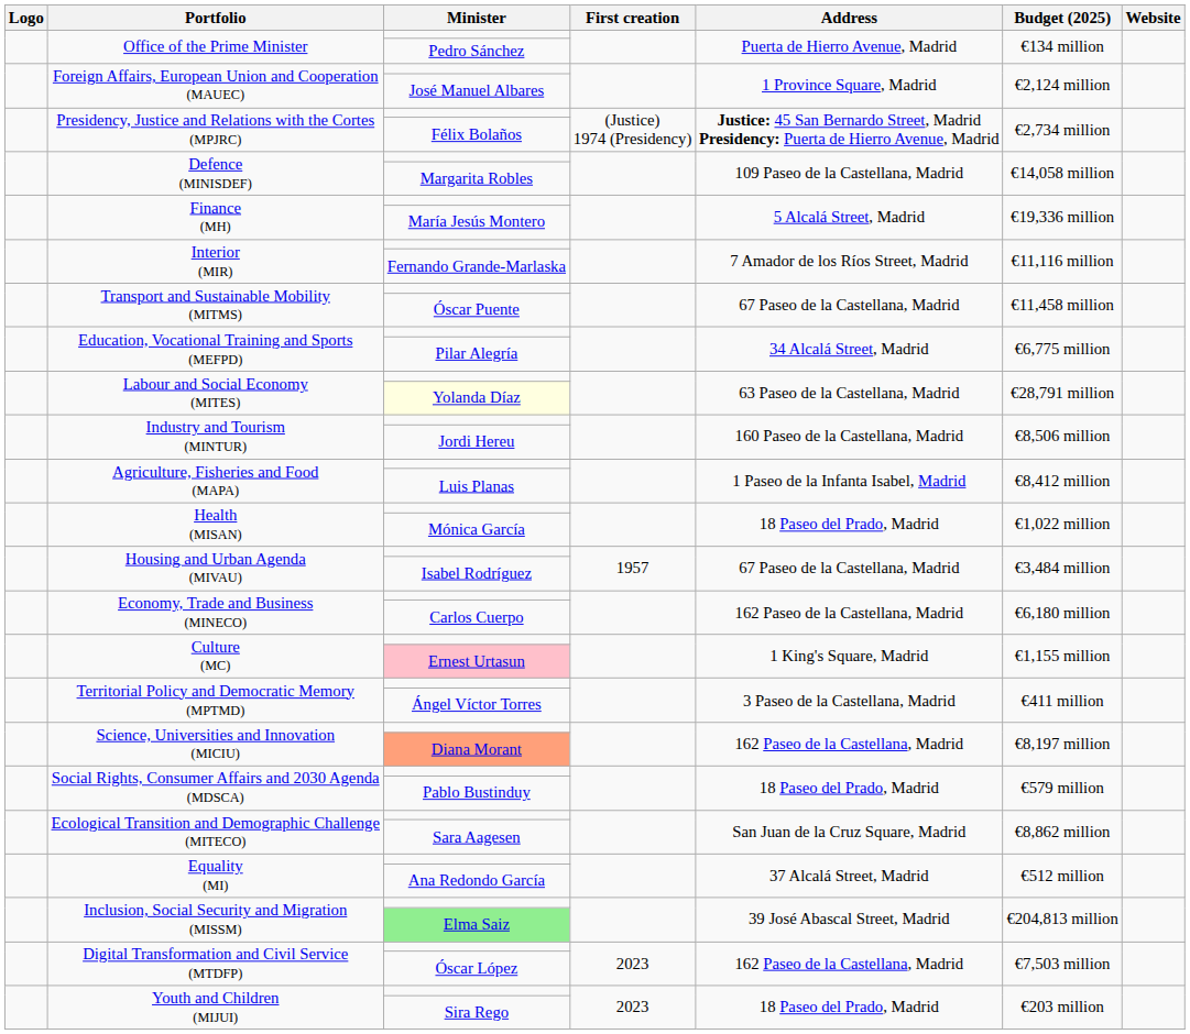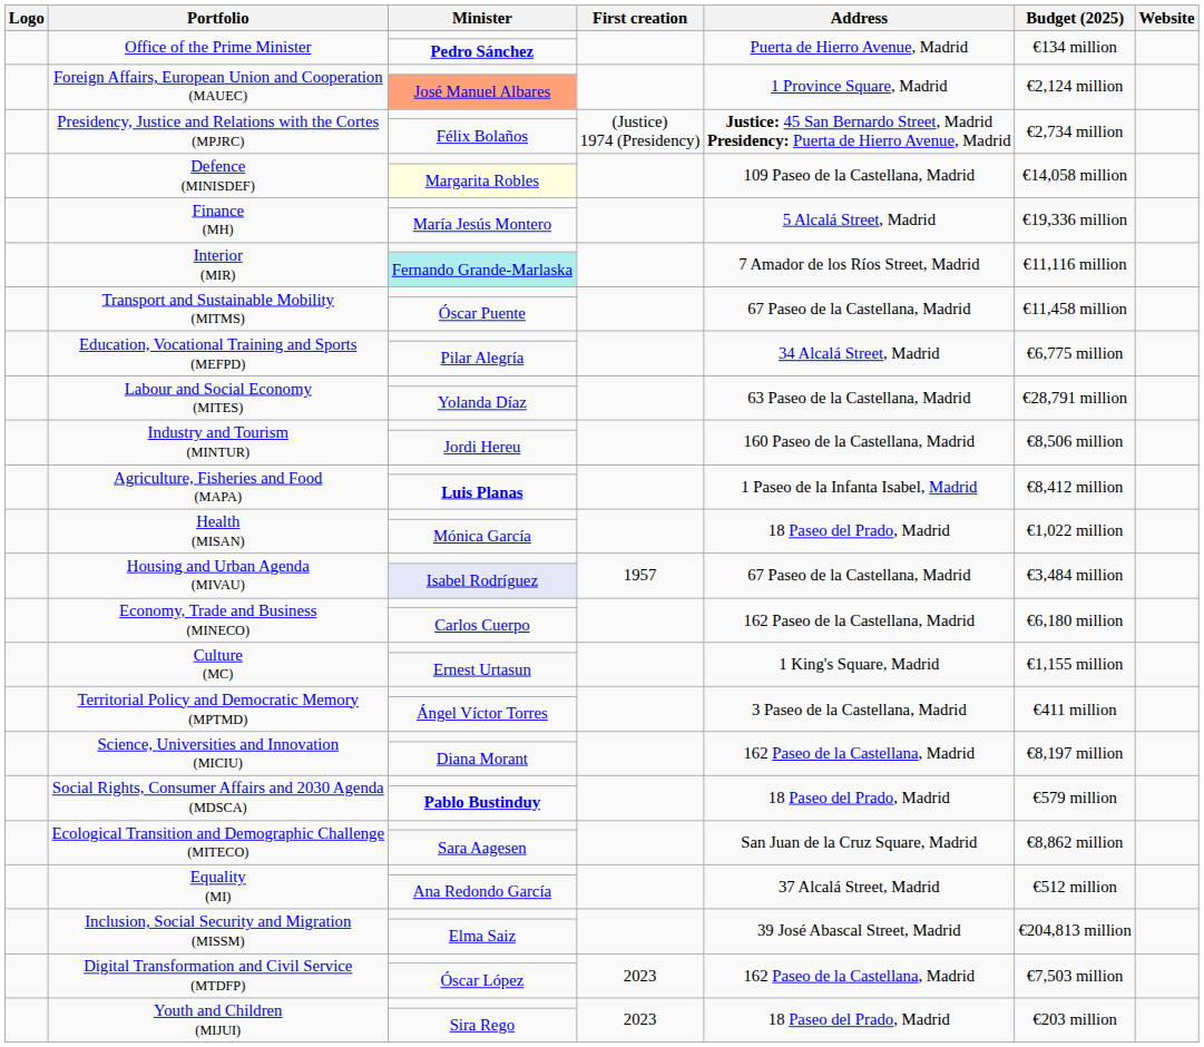 <table class="wikitable" style="text-align:Center">
 <tr>
 <th>Logo</th>
 <th>Portfolio</th>
 <th>Minister</th>
 <th>First creation</th>
 <th>Address</th>
 <th>Budget (2025)</th>
 <th>Website</th>
 </tr>
 <tr>
 <td rowspan=2></td>
 <td rowspan=2><a href='#'>Office of the Prime Minister</a></td>
 <td></td>
 <td rowspan=2></td>
 <td rowspan=2><a href='#'>Puerta de Hierro Avenue</a>, Madrid</td>
 <td rowspan=2>€134 million</td>
 <td rowspan=2></td>
 </tr>
 <tr>
-<td><a href='#'>Pedro Sánchez</a></td>
+<td><strong><a href='#'>Pedro Sánchez</a></strong></td>
 </tr>
 <tr>
 <td rowspan=2></td>
 <td rowspan=2><a href='#'>Foreign Affairs, European Union and Cooperation</a><br><small>(MAUEC)</small></td>
 <td></td>
 <td rowspan=2></td>
 <td rowspan=2><a href='#'>1 Province Square</a>, Madrid</td>
 <td rowspan=2>€2,124 million</td>
 <td rowspan=2></td>
 </tr>
 <tr>
-<td><a href='#'>José Manuel Albares</a></td>
+<td style="background: lightsalmon;"><a href='#'>José Manuel Albares</a></td>
 </tr>
 <tr>
 <td rowspan=2></td>
 <td rowspan=2><a href='#'>Presidency, Justice and Relations with the Cortes</a><br><small>(MPJRC)</small></td>
 <td></td>
 <td rowspan=2> (Justice)<br>1974 (Presidency)</td>
 <td rowspan=2><strong>Justice:</strong> <a href='#'>45 San Bernardo Street</a>, Madrid<br><strong>Presidency:</strong> <a href='#'>Puerta de Hierro Avenue</a>, Madrid</td>
 <td rowspan=2>€2,734 million</td>
 <td rowspan=2><br></td>
 </tr>
 <tr>
 <td><a href='#'>Félix Bolaños</a></td>
 </tr>
 <tr>
 <td rowspan=2></td>
 <td rowspan=2><a href='#'>Defence</a><br><small>(MINISDEF)</small></td>
 <td></td>
 <td rowspan=2></td>
 <td rowspan=2>109 Paseo de la Castellana, Madrid</td>
 <td rowspan=2>€14,058 million</td>
 <td rowspan=2></td>
 </tr>
 <tr>
-<td><a href='#'>Margarita Robles</a></td>
+<td style="background: lightyellow;"><a href='#'>Margarita Robles</a></td>
 </tr>
 <tr>
 <td rowspan=2></td>
 <td rowspan=2><a href='#'>Finance</a><br><small>(MH)</small></td>
 <td></td>
 <td rowspan=2></td>
 <td rowspan=2><a href='#'>5 Alcalá Street</a>, Madrid</td>
 <td rowspan=2>€19,336 million</td>
 <td rowspan=2></td>
 </tr>
 <tr>
 <td><a href='#'>María Jesús Montero</a></td>
 </tr>
 <tr>
 <td rowspan=2></td>
 <td rowspan=2><a href='#'>Interior</a><br><small>(MIR)</small></td>
 <td></td>
 <td rowspan=2></td>
 <td rowspan=2>7 Amador de los Ríos Street, Madrid</td>
 <td rowspan=2>€11,116 million</td>
 <td rowspan=2></td>
 </tr>
 <tr>
-<td><a href='#'>Fernando Grande-Marlaska</a></td>
+<td style="background: paleturquoise;"><a href='#'>Fernando Grande-Marlaska</a></td>
 </tr>
 <tr>
 <td rowspan=2></td>
 <td rowspan=2><a href='#'>Transport and Sustainable Mobility</a><br><small>(MITMS)</small></td>
 <td></td>
 <td rowspan=2></td>
 <td rowspan=2>67 Paseo de la Castellana, Madrid</td>
 <td rowspan=2>€11,458 million</td>
 <td rowspan=2></td>
 </tr>
 <tr>
 <td><a href='#'>Óscar Puente</a></td>
 </tr>
 <tr>
 <td rowspan=2></td>
 <td rowspan=2><a href='#'>Education, Vocational Training and Sports</a><br><small>(MEFPD)</small></td>
 <td></td>
 <td rowspan=2></td>
 <td rowspan=2><a href='#'>34 Alcalá Street</a>, Madrid</td>
 <td rowspan=2>€6,775 million</td>
 <td rowspan=2></td>
 </tr>
 <tr>
 <td><a href='#'>Pilar Alegría</a></td>
 </tr>
 <tr>
 <td rowspan=2></td>
 <td rowspan=2><a href='#'>Labour and Social Economy</a><br><small>(MITES)</small></td>
 <td></td>
 <td rowspan=2></td>
 <td rowspan=2>63 Paseo de la Castellana, Madrid</td>
 <td rowspan=2>€28,791 million</td>
 <td rowspan=2></td>
 </tr>
 <tr>
-<td style="background: lightyellow;"><a href='#'>Yolanda Díaz</a></td>
+<td><a href='#'>Yolanda Díaz</a></td>
 </tr>
 <tr>
 <td rowspan=2></td>
 <td rowspan=2><a href='#'>Industry and Tourism</a><br><small>(MINTUR)</small></td>
 <td></td>
 <td rowspan=2></td>
 <td rowspan=2>160 Paseo de la Castellana, Madrid</td>
 <td rowspan=2>€8,506 million</td>
 <td rowspan=2></td>
 </tr>
 <tr>
 <td><a href='#'>Jordi Hereu</a></td>
 </tr>
 <tr>
 <td rowspan=2></td>
 <td rowspan=2><a href='#'>Agriculture, Fisheries and Food</a><br><small>(MAPA)</small></td>
 <td></td>
 <td rowspan=2></td>
 <td rowspan=2>1 Paseo de la Infanta Isabel, <a href='#'>Madrid</a></td>
 <td rowspan=2>€8,412 million</td>
 <td rowspan=2></td>
 </tr>
 <tr>
-<td><a href='#'>Luis Planas</a></td>
+<td><strong><a href='#'>Luis Planas</a></strong></td>
 </tr>
 <tr>
 <td rowspan=2></td>
 <td rowspan=2><a href='#'>Health</a><br><small>(MISAN)</small></td>
 <td></td>
 <td rowspan=2></td>
 <td rowspan=2>18 <a href='#'>Paseo del Prado</a>, Madrid</td>
 <td rowspan=2>€1,022 million</td>
 <td rowspan=2></td>
 </tr>
 <tr>
 <td><a href='#'>Mónica García</a></td>
 </tr>
 <tr>
 <td rowspan=2></td>
 <td rowspan=2><a href='#'>Housing and Urban Agenda</a><br><small>(MIVAU)</small></td>
 <td></td>
 <td rowspan=2>1957</td>
 <td rowspan=2>67 Paseo de la Castellana, Madrid</td>
 <td rowspan=2>€3,484 million</td>
 <td rowspan=2></td>
 </tr>
 <tr>
-<td><a href='#'>Isabel Rodríguez</a></td>
+<td style="background: lavender;"><a href='#'>Isabel Rodríguez</a></td>
 </tr>
 <tr>
 <td rowspan=2></td>
 <td rowspan=2><a href='#'>Economy, Trade and Business</a><br><small>(MINECO)</small></td>
 <td></td>
 <td rowspan=2></td>
 <td rowspan=2>162 Paseo de la Castellana, Madrid</td>
 <td rowspan=2>€6,180 million</td>
 <td rowspan=2></td>
 </tr>
 <tr>
 <td><a href='#'>Carlos Cuerpo</a></td>
 </tr>
 <tr>
 <td rowspan=2></td>
 <td rowspan=2><a href='#'>Culture</a><br><small>(MC)</small></td>
 <td></td>
 <td rowspan=2></td>
 <td rowspan=2>1 King's Square, Madrid</td>
 <td rowspan=2>€1,155 million</td>
 <td rowspan=2></td>
 </tr>
 <tr>
-<td style="background: pink;"><a href='#'>Ernest Urtasun</a></td>
+<td><a href='#'>Ernest Urtasun</a></td>
 </tr>
 <tr>
 <td rowspan=2></td>
 <td rowspan=2><a href='#'>Territorial Policy and Democratic Memory</a><br><small>(MPTMD)</small></td>
 <td></td>
 <td rowspan=2></td>
 <td rowspan=2>3 Paseo de la Castellana, Madrid</td>
 <td rowspan=2>€411 million</td>
 <td rowspan=2></td>
 </tr>
 <tr>
 <td><a href='#'>Ángel Víctor Torres</a></td>
 </tr>
 <tr>
 <td rowspan=2></td>
 <td rowspan=2><a href='#'>Science, Universities and Innovation</a><br><small>(MICIU)</small></td>
 <td></td>
 <td rowspan=2></td>
 <td rowspan=2>162 <a href='#'>Paseo de la Castellana</a>, Madrid</td>
 <td rowspan=2>€8,197 million</td>
 <td rowspan=2></td>
 </tr>
 <tr>
-<td style="background: lightsalmon;"><a href='#'>Diana Morant</a></td>
+<td><a href='#'>Diana Morant</a></td>
 </tr>
 <tr>
 <td rowspan=2></td>
 <td rowspan=2><a href='#'>Social Rights, Consumer Affairs and 2030 Agenda</a><br><small>(MDSCA)</small></td>
 <td></td>
 <td rowspan=2></td>
 <td rowspan=2>18 <a href='#'>Paseo del Prado</a>, Madrid</td>
 <td rowspan=2>€579 million</td>
 <td rowspan=2></td>
 </tr>
 <tr>
-<td><a href='#'>Pablo Bustinduy</a></td>
+<td><strong><a href='#'>Pablo Bustinduy</a></strong></td>
 </tr>
 <tr>
 <td rowspan=2></td>
 <td rowspan=2><a href='#'>Ecological Transition and Demographic Challenge</a><br><small>(MITECO)</small></td>
 <td></td>
 <td rowspan=2></td>
 <td rowspan=2>San Juan de la Cruz Square, Madrid</td>
 <td rowspan=2>€8,862 million</td>
 <td rowspan=2></td>
 </tr>
 <tr>
 <td><a href='#'>Sara Aagesen</a></td>
 </tr>
 <tr>
 <td rowspan=2></td>
 <td rowspan=2><a href='#'>Equality</a><br><small>(MI)</small></td>
 <td></td>
 <td rowspan=2></td>
 <td rowspan=2>37 Alcalá Street, Madrid</td>
 <td rowspan=2>€512 million</td>
 <td rowspan=2></td>
 </tr>
 <tr>
 <td><a href='#'>Ana Redondo García</a></td>
 </tr>
 <tr>
 <td rowspan=2></td>
 <td rowspan=2><a href='#'>Inclusion, Social Security and Migration</a><br><small>(MISSM)</small></td>
 <td></td>
 <td rowspan=2></td>
 <td rowspan=2>39 José Abascal Street, Madrid</td>
 <td rowspan=2>€204,813 million</td>
 <td rowspan=2></td>
 </tr>
 <tr>
-<td style="background: lightgreen;"><a href='#'>Elma Saiz</a></td>
+<td><a href='#'>Elma Saiz</a></td>
 </tr>
 <tr>
 <td rowspan=2></td>
 <td rowspan=2><a href='#'>Digital Transformation and Civil Service</a><br><small>(MTDFP)</small></td>
 <td></td>
 <td rowspan=2>2023</td>
 <td rowspan=2>162 <a href='#'>Paseo de la Castellana</a>, Madrid</td>
 <td rowspan=2>€7,503 million</td>
 <td rowspan=2></td>
 </tr>
 <tr>
 <td><a href='#'>Óscar López</a></td>
 </tr>
 <tr>
 <td rowspan=2></td>
 <td rowspan=2><a href='#'>Youth and Children</a><br><small>(MIJUI)</small></td>
 <td></td>
 <td rowspan=2>2023</td>
 <td rowspan=2>18 <a href='#'>Paseo del Prado</a>, Madrid</td>
 <td rowspan=2>€203 million</td>
 <td rowspan=2></td>
 </tr>
 <tr>
 <td><a href='#'>Sira Rego</a></td>
 </tr>
 </table>
